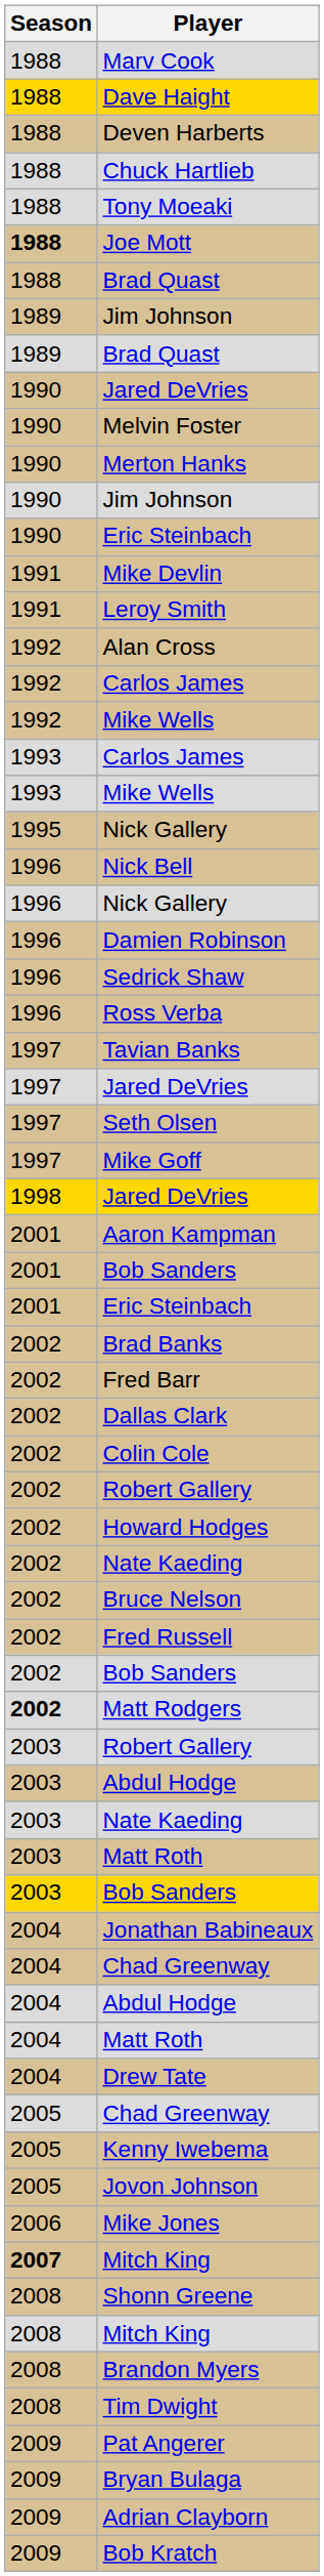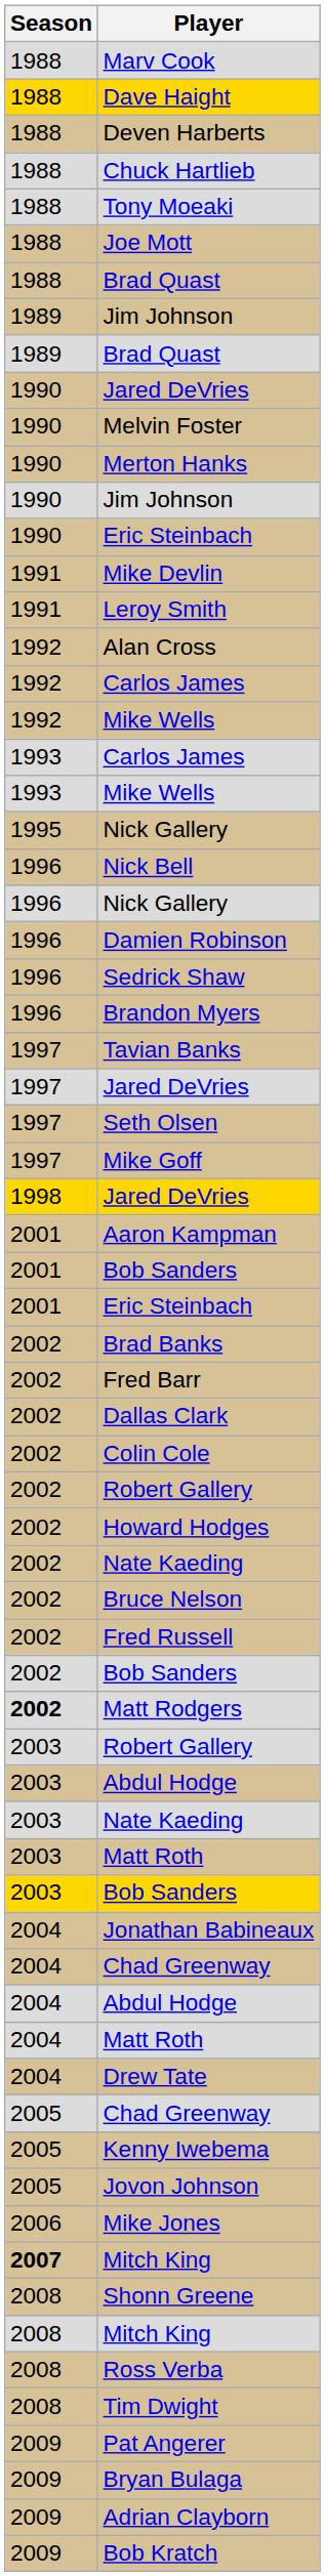 <table class="wikitable" style="float:left; margin-right:1em;">
 <tr>
 <th>Season</th>
 <th>Player</th>
 </tr>
 <tr style="background: #dcdcdc;">
 <td>1988</td>
 <td><a href='#'>Marv Cook</a></td>
 </tr>
 <tr style="background: #FFD700;">
 <td>1988</td>
 <td><a href='#'>Dave Haight</a></td>
 </tr>
 <tr style="background: #d7c297;">
 <td>1988</td>
 <td>Deven Harberts</td>
 </tr>
 <tr style="background: #dcdcdc;">
 <td>1988</td>
 <td><a href='#'>Chuck Hartlieb</a></td>
 </tr>
 <tr style="background: #dcdcdc;">
 <td>1988</td>
 <td><a href='#'>Tony Moeaki</a></td>
 </tr>
 <tr style="background: #d7c297;">
-<td><strong>1988</strong></td>
+<td>1988</td>
 <td><a href='#'>Joe Mott</a></td>
 </tr>
 <tr style="background: #d7c297;">
 <td>1988</td>
 <td><a href='#'>Brad Quast</a></td>
 </tr>
 <tr style="background: #d7c297;">
 <td>1989</td>
 <td>Jim Johnson</td>
 </tr>
 <tr style="background: #dcdcdc;">
 <td>1989</td>
 <td><a href='#'>Brad Quast</a></td>
 </tr>
 <tr style="background: #d7c297;">
 <td>1990</td>
 <td><a href='#'>Jared DeVries</a></td>
 </tr>
 <tr style="background: #d7c297;">
 <td>1990</td>
 <td>Melvin Foster</td>
 </tr>
 <tr style="background: #d7c297;">
 <td>1990</td>
 <td><a href='#'>Merton Hanks</a></td>
 </tr>
 <tr style="background: #dcdcdc;">
 <td>1990</td>
 <td>Jim Johnson</td>
 </tr>
 <tr style="background: #d7c297;">
 <td>1990</td>
 <td><a href='#'>Eric Steinbach</a></td>
 </tr>
 <tr style="background: #d7c297;">
 <td>1991</td>
 <td><a href='#'>Mike Devlin</a></td>
 </tr>
 <tr style="background: #d7c297;">
 <td>1991</td>
 <td><a href='#'>Leroy Smith</a></td>
 </tr>
 <tr style="background: #d7c297;">
 <td>1992</td>
 <td>Alan Cross</td>
 </tr>
 <tr style="background: #d7c297;">
 <td>1992</td>
 <td><a href='#'>Carlos James</a></td>
 </tr>
 <tr style="background: #d7c297;">
 <td>1992</td>
 <td><a href='#'>Mike Wells</a></td>
 </tr>
 <tr style="background: #dcdcdc;">
 <td>1993</td>
 <td><a href='#'>Carlos James</a></td>
 </tr>
 <tr style="background: #dcdcdc;">
 <td>1993</td>
 <td><a href='#'>Mike Wells</a></td>
 </tr>
 <tr style="background: #d7c297;">
 <td>1995</td>
 <td>Nick Gallery</td>
 </tr>
 <tr style="background: #d7c297;">
 <td>1996</td>
 <td><a href='#'>Nick Bell</a></td>
 </tr>
 <tr style="background: #dcdcdc;">
 <td>1996</td>
 <td>Nick Gallery</td>
 </tr>
 <tr style="background: #d7c297;">
 <td>1996</td>
 <td><a href='#'>Damien Robinson</a></td>
 </tr>
 <tr style="background: #d7c297;">
 <td>1996</td>
 <td><a href='#'>Sedrick Shaw</a></td>
 </tr>
 <tr style="background: #d7c297;">
 <td>1996</td>
-<td><a href='#'>Ross Verba</a></td>
+<td><a href='#'>Brandon Myers</a></td>
 </tr>
 <tr style="background: #d7c297;">
 <td>1997</td>
 <td><a href='#'>Tavian Banks</a></td>
 </tr>
 <tr style="background: #dcdcdc;">
 <td>1997</td>
 <td><a href='#'>Jared DeVries</a></td>
 </tr>
 <tr style="background: #d7c297;">
 <td>1997</td>
 <td><a href='#'>Seth Olsen</a></td>
 </tr>
 <tr style="background: #d7c297;">
 <td>1997</td>
 <td><a href='#'>Mike Goff</a></td>
 </tr>
 <tr style="background: #FFD700;">
 <td>1998</td>
 <td><a href='#'>Jared DeVries</a></td>
 </tr>
 <tr style="background: #d7c297;">
 <td>2001</td>
 <td><a href='#'>Aaron Kampman</a></td>
 </tr>
 <tr style="background: #d7c297;">
 <td>2001</td>
 <td><a href='#'>Bob Sanders</a></td>
 </tr>
 <tr style="background: #d7c297;">
 <td>2001</td>
 <td><a href='#'>Eric Steinbach</a></td>
 </tr>
 <tr style="background: #d7c297;">
 <td>2002</td>
 <td><a href='#'>Brad Banks</a></td>
 </tr>
 <tr style="background: #d7c297;">
 <td>2002</td>
 <td>Fred Barr</td>
 </tr>
 <tr style="background: #d7c297;">
 <td>2002</td>
 <td><a href='#'>Dallas Clark</a></td>
 </tr>
 <tr style="background: #d7c297;">
 <td>2002</td>
 <td><a href='#'>Colin Cole</a></td>
 </tr>
 <tr style="background: #d7c297;">
 <td>2002</td>
 <td><a href='#'>Robert Gallery</a></td>
 </tr>
 <tr style="background: #d7c297;">
 <td>2002</td>
 <td><a href='#'>Howard Hodges</a></td>
 </tr>
 <tr style="background: #d7c297;">
 <td>2002</td>
 <td><a href='#'>Nate Kaeding</a></td>
 </tr>
 <tr style="background: #d7c297;">
 <td>2002</td>
 <td><a href='#'>Bruce Nelson</a></td>
 </tr>
 <tr style="background: #d7c297;">
 <td>2002</td>
 <td><a href='#'>Fred Russell</a></td>
 </tr>
 <tr style="background: #dcdcdc;">
 <td>2002</td>
 <td><a href='#'>Bob Sanders</a></td>
 </tr>
 <tr style="background: #dcdcdc;">
 <td><strong>2002</strong></td>
 <td><a href='#'>Matt Rodgers</a></td>
 </tr>
 <tr style="background: #dcdcdc;">
 <td>2003</td>
 <td><a href='#'>Robert Gallery</a></td>
 </tr>
 <tr style="background: #d7c297;">
 <td>2003</td>
 <td><a href='#'>Abdul Hodge</a></td>
 </tr>
 <tr style="background: #dcdcdc;">
 <td>2003</td>
 <td><a href='#'>Nate Kaeding</a></td>
 </tr>
 <tr style="background: #d7c297;">
 <td>2003</td>
 <td><a href='#'>Matt Roth</a></td>
 </tr>
 <tr style="background: #FFD700;">
 <td>2003</td>
 <td><a href='#'>Bob Sanders</a></td>
 </tr>
 <tr style="background: #d7c297;">
 <td>2004</td>
 <td><a href='#'>Jonathan Babineaux</a></td>
 </tr>
 <tr style="background: #d7c297;">
 <td>2004</td>
 <td><a href='#'>Chad Greenway</a></td>
 </tr>
 <tr style="background: #dcdcdc;">
 <td>2004</td>
 <td><a href='#'>Abdul Hodge</a></td>
 </tr>
 <tr style="background: #dcdcdc;">
 <td>2004</td>
 <td><a href='#'>Matt Roth</a></td>
 </tr>
 <tr style="background: #d7c297;">
 <td>2004</td>
 <td><a href='#'>Drew Tate</a></td>
 </tr>
 <tr style="background: #dcdcdc;">
 <td>2005</td>
 <td><a href='#'>Chad Greenway</a></td>
 </tr>
 <tr style="background: #d7c297;">
 <td>2005</td>
 <td><a href='#'>Kenny Iwebema</a></td>
 </tr>
 <tr style="background: #d7c297;">
 <td>2005</td>
 <td><a href='#'>Jovon Johnson</a></td>
 </tr>
 <tr style="background: #d7c297;">
 <td>2006</td>
 <td><a href='#'>Mike Jones</a></td>
 </tr>
 <tr style="background: #d7c297;">
 <td><strong>2007</strong></td>
 <td><a href='#'>Mitch King</a></td>
 </tr>
 <tr style="background: #d7c297;">
 <td>2008</td>
 <td><a href='#'>Shonn Greene</a></td>
 </tr>
 <tr style="background: #dcdcdc;">
 <td>2008</td>
 <td><a href='#'>Mitch King</a></td>
 </tr>
 <tr style="background: #d7c297;">
 <td>2008</td>
-<td><a href='#'>Brandon Myers</a></td>
+<td><a href='#'>Ross Verba</a></td>
 </tr>
 <tr style="background: #d7c297;">
 <td>2008</td>
 <td><a href='#'>Tim Dwight</a></td>
 </tr>
 <tr style="background: #d7c297;">
 <td>2009</td>
 <td><a href='#'>Pat Angerer</a></td>
 </tr>
 <tr style="background: #d7c297;">
 <td>2009</td>
 <td><a href='#'>Bryan Bulaga</a></td>
 </tr>
 <tr style="background: #d7c297;">
 <td>2009</td>
 <td><a href='#'>Adrian Clayborn</a></td>
 </tr>
 <tr style="background: #d7c297;">
 <td>2009</td>
 <td><a href='#'>Bob Kratch</a></td>
 </tr>
 </table>
